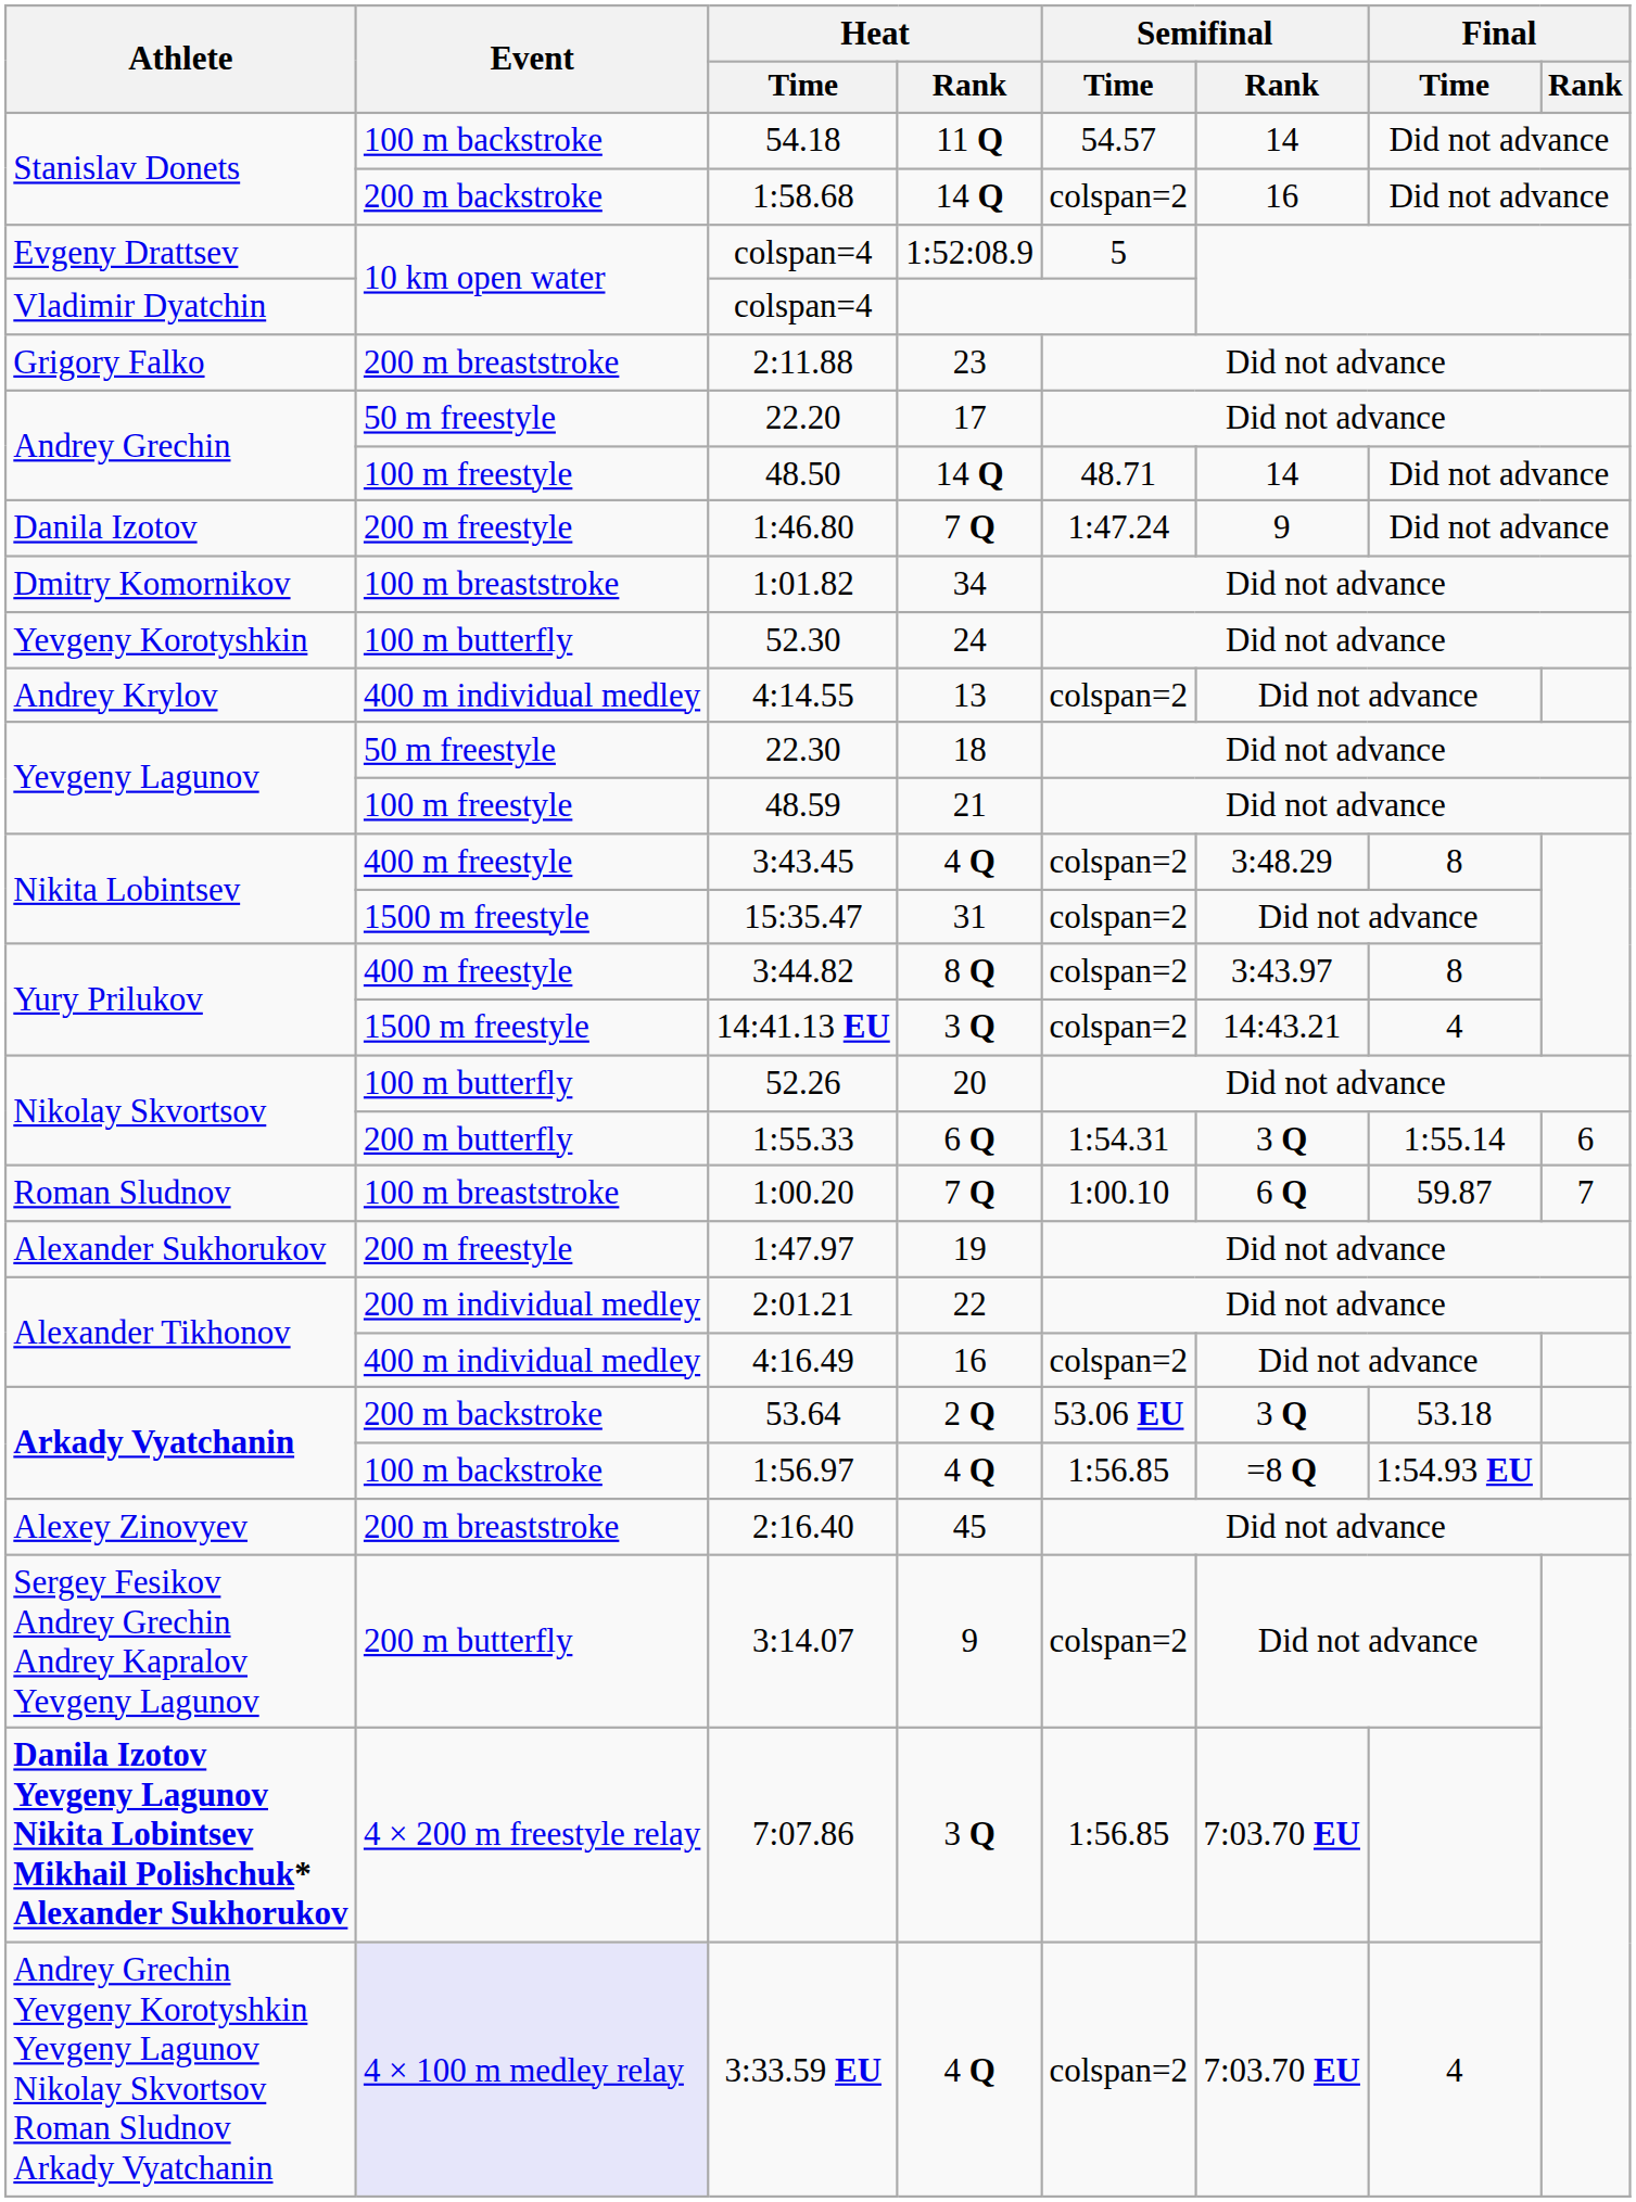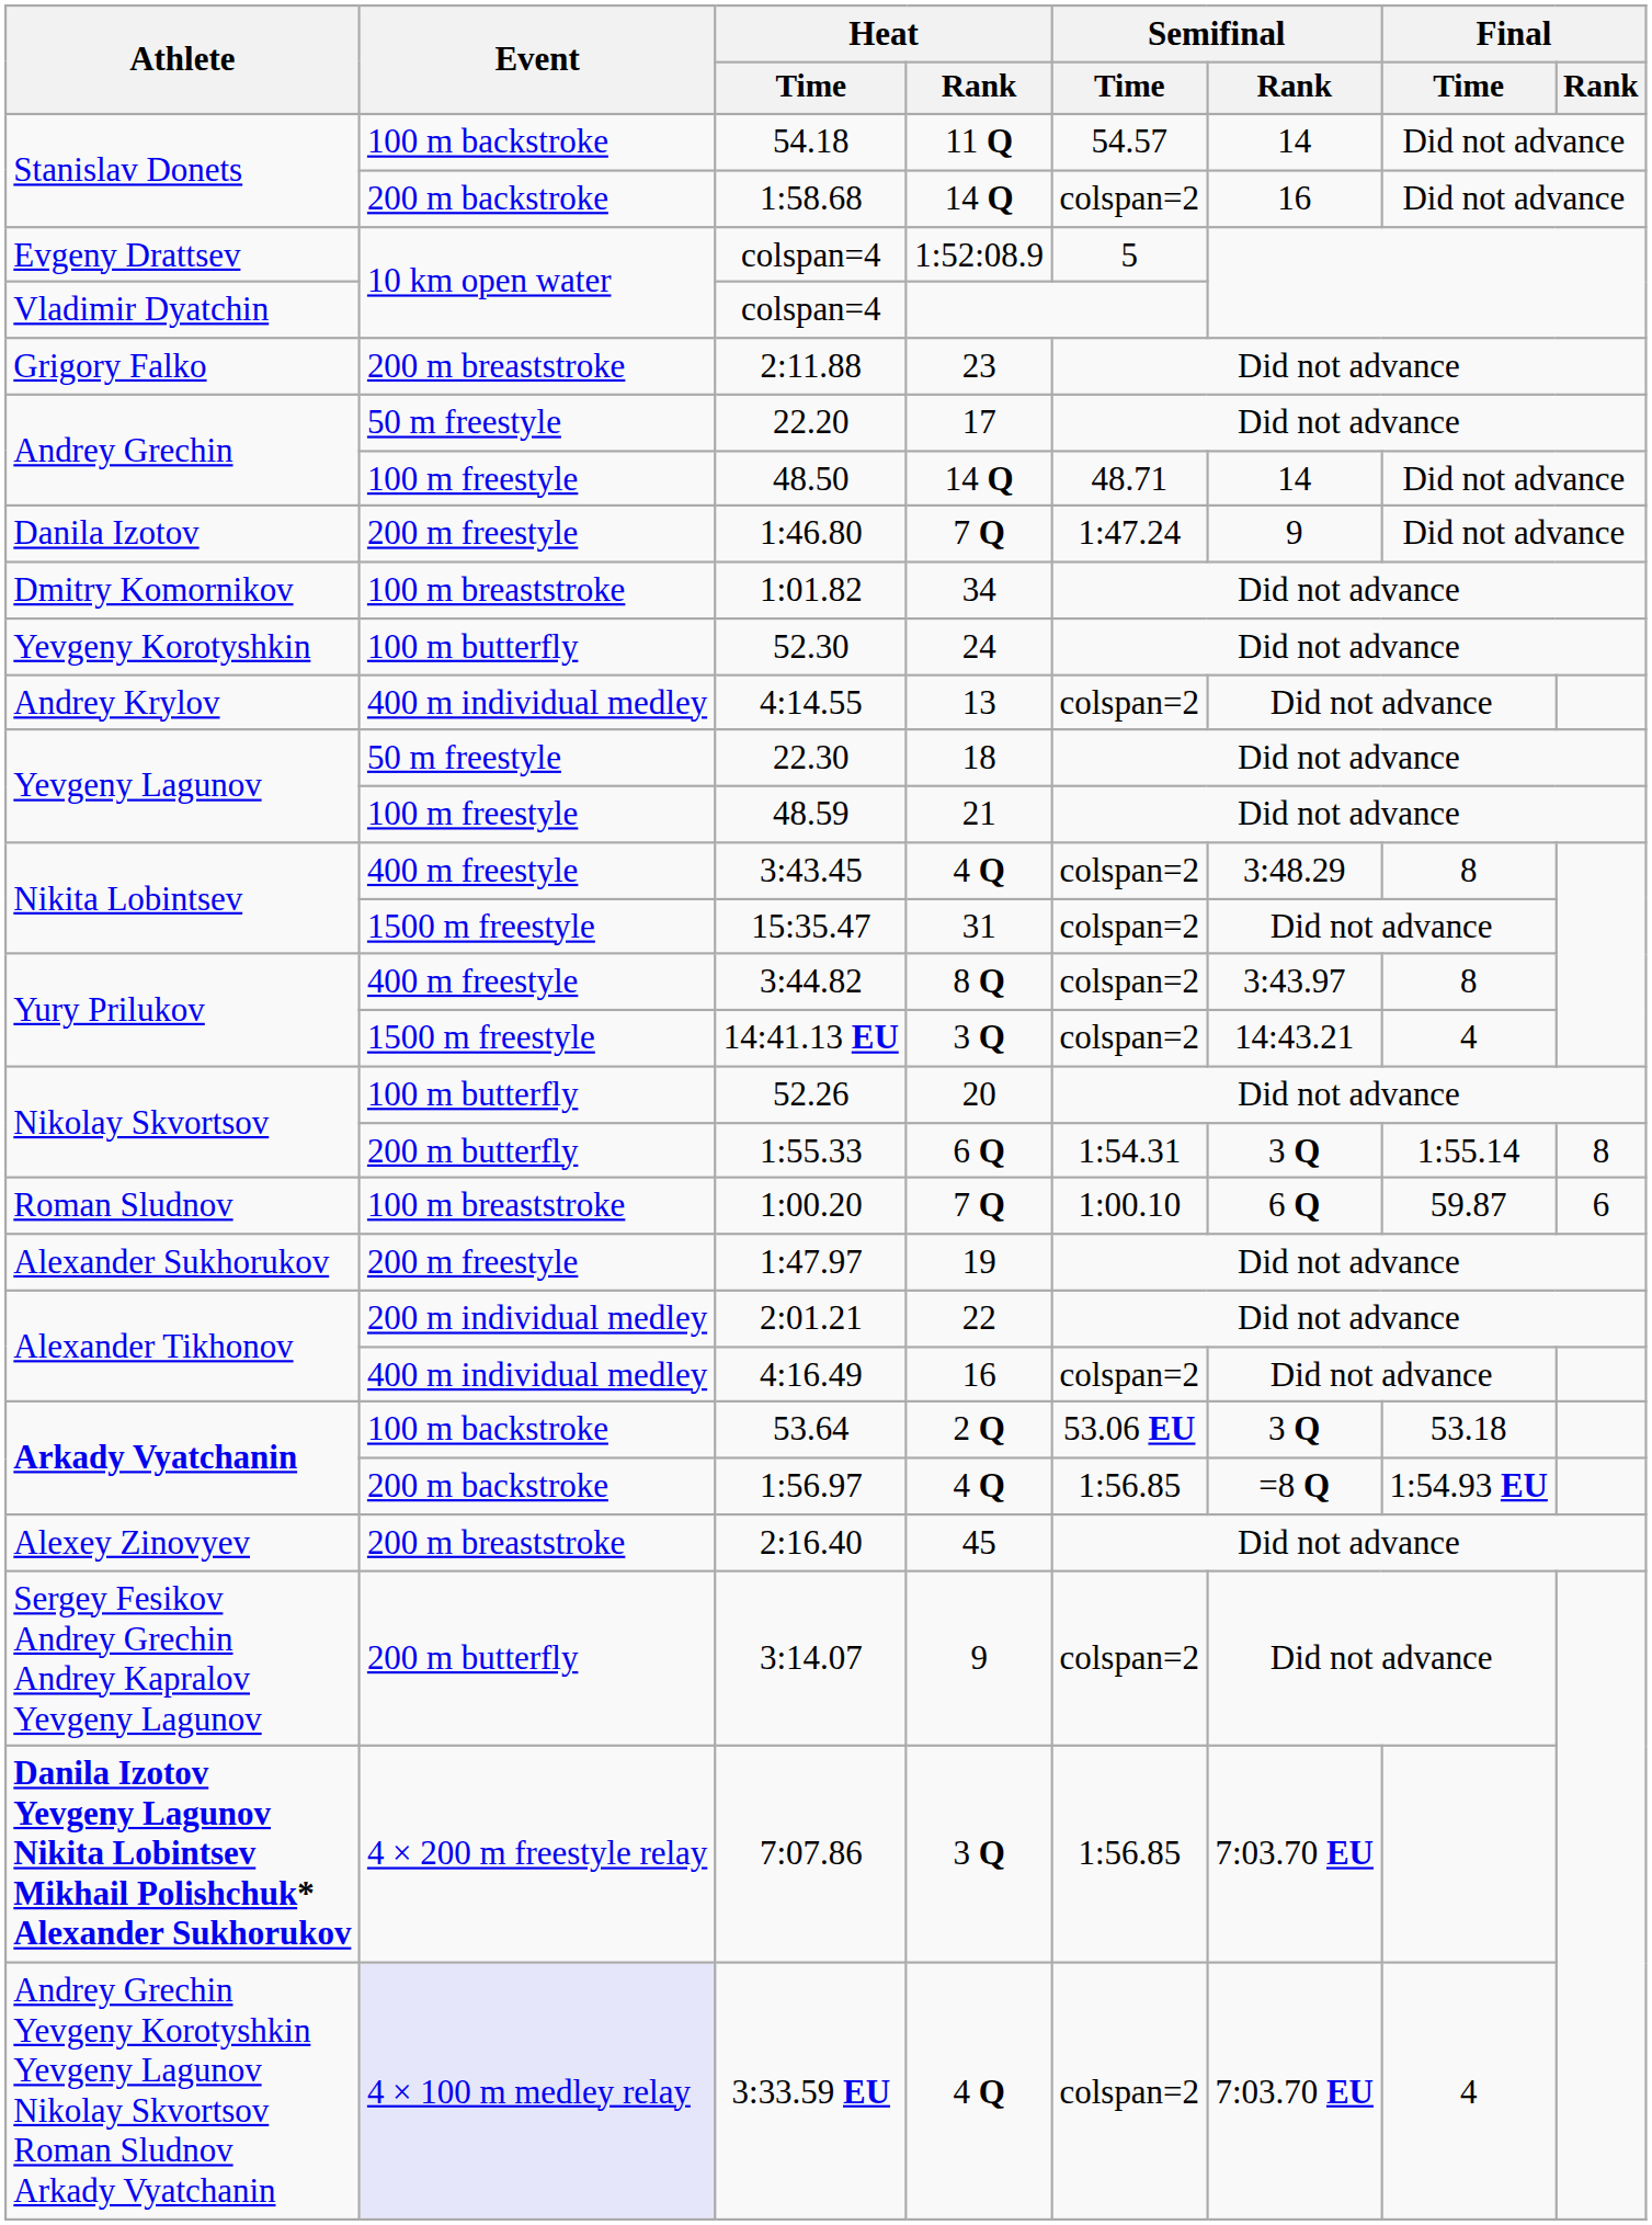 <table class=wikitable style="font-size:90%">
 <tr>
 <th rowspan="2">Athlete</th>
 <th rowspan="2">Event</th>
 <th colspan="2">Heat</th>
 <th colspan="2">Semifinal</th>
 <th colspan="2">Final</th>
 </tr>
 <tr style="font-size:95%">
 <th>Time</th>
 <th>Rank</th>
 <th>Time</th>
 <th>Rank</th>
 <th>Time</th>
 <th>Rank</th>
 </tr>
 <tr align=center>
 <td align=left rowspan=2><a href='#'>Stanislav Donets</a></td>
 <td align=left><a href='#'>100 m backstroke</a></td>
 <td>54.18</td>
 <td>11 <strong>Q</strong></td>
 <td>54.57</td>
 <td>14</td>
 <td colspan=2>Did not advance</td>
 </tr>
 <tr align=center>
 <td align=left><a href='#'>200 m backstroke</a></td>
 <td>1:58.68</td>
 <td>14 <strong>Q</strong></td>
 <td>colspan=2 </td>
 <td>16</td>
 <td colspan=2>Did not advance</td>
 </tr>
 <tr align=center>
 <td align=left><a href='#'>Evgeny Drattsev</a></td>
 <td align=left rowspan=2><a href='#'>10 km open water</a></td>
 <td>colspan=4 </td>
 <td>1:52:08.9</td>
 <td>5</td>
 </tr>
 <tr align=center>
 <td align=left><a href='#'>Vladimir Dyatchin</a></td>
 <td>colspan=4 </td>
 <td colspan=2></td>
 </tr>
 <tr align=center>
 <td align=left><a href='#'>Grigory Falko</a></td>
 <td align=left><a href='#'>200 m breaststroke</a></td>
 <td>2:11.88</td>
 <td>23</td>
 <td colspan=4>Did not advance</td>
 </tr>
 <tr align=center>
 <td align=left rowspan=2><a href='#'>Andrey Grechin</a></td>
 <td align=left><a href='#'>50 m freestyle</a></td>
 <td>22.20</td>
 <td>17</td>
 <td colspan=4>Did not advance</td>
 </tr>
 <tr align=center>
 <td align=left><a href='#'>100 m freestyle</a></td>
 <td>48.50</td>
 <td>14 <strong>Q</strong></td>
 <td>48.71</td>
 <td>14</td>
 <td colspan=2>Did not advance</td>
 </tr>
 <tr align=center>
 <td align=left><a href='#'>Danila Izotov</a></td>
 <td align=left><a href='#'>200 m freestyle</a></td>
 <td>1:46.80</td>
 <td>7 <strong>Q</strong></td>
 <td>1:47.24</td>
 <td>9</td>
 <td colspan=2>Did not advance</td>
 </tr>
 <tr align=center>
 <td align=left><a href='#'>Dmitry Komornikov</a></td>
 <td align=left><a href='#'>100 m breaststroke</a></td>
 <td>1:01.82</td>
 <td>34</td>
 <td colspan=4>Did not advance</td>
 </tr>
 <tr align=center>
 <td align=left><a href='#'>Yevgeny Korotyshkin</a></td>
 <td align=left><a href='#'>100 m butterfly</a></td>
 <td>52.30</td>
 <td>24</td>
 <td colspan=4>Did not advance</td>
 </tr>
 <tr align=center>
 <td align=left><a href='#'>Andrey Krylov</a></td>
 <td align=left><a href='#'>400 m individual medley</a></td>
 <td>4:14.55</td>
 <td>13</td>
 <td>colspan=2 </td>
 <td colspan=2>Did not advance</td>
 </tr>
 <tr align=center>
 <td align=left rowspan=2><a href='#'>Yevgeny Lagunov</a></td>
 <td align=left><a href='#'>50 m freestyle</a></td>
 <td>22.30</td>
 <td>18</td>
 <td colspan=4>Did not advance</td>
 </tr>
 <tr align=center>
 <td align=left><a href='#'>100 m freestyle</a></td>
 <td>48.59</td>
 <td>21</td>
 <td colspan=4>Did not advance</td>
 </tr>
 <tr align=center>
 <td align=left rowspan=2><a href='#'>Nikita Lobintsev</a></td>
 <td align=left><a href='#'>400 m freestyle</a></td>
 <td>3:43.45</td>
 <td>4 <strong>Q</strong></td>
 <td>colspan=2 </td>
 <td>3:48.29</td>
 <td>8</td>
 </tr>
 <tr align=center>
 <td align=left><a href='#'>1500 m freestyle</a></td>
 <td>15:35.47</td>
 <td>31</td>
 <td>colspan=2 </td>
 <td colspan=2>Did not advance</td>
 </tr>
 <tr align=center>
 <td align=left rowspan=2><a href='#'>Yury Prilukov</a></td>
 <td align=left><a href='#'>400 m freestyle</a></td>
 <td>3:44.82</td>
 <td>8 <strong>Q</strong></td>
 <td>colspan=2 </td>
 <td>3:43.97</td>
 <td>8</td>
 </tr>
 <tr align=center>
 <td align=left><a href='#'>1500 m freestyle</a></td>
 <td>14:41.13 <strong><a href='#'>EU</a></strong></td>
 <td>3 <strong>Q</strong></td>
 <td>colspan=2 </td>
 <td>14:43.21</td>
 <td>4</td>
 </tr>
 <tr align=center>
 <td align=left rowspan=2><a href='#'>Nikolay Skvortsov</a></td>
 <td align=left><a href='#'>100 m butterfly</a></td>
 <td>52.26</td>
 <td>20</td>
 <td colspan=4>Did not advance</td>
 </tr>
 <tr align=center>
 <td align=left><a href='#'>200 m butterfly</a></td>
 <td>1:55.33</td>
 <td>6 <strong>Q</strong></td>
 <td>1:54.31</td>
 <td>3 <strong>Q</strong></td>
 <td>1:55.14</td>
-<td>6</td>
+<td>8</td>
 </tr>
 <tr align=center>
 <td align=left><a href='#'>Roman Sludnov</a></td>
 <td align=left><a href='#'>100 m breaststroke</a></td>
 <td>1:00.20</td>
 <td>7 <strong>Q</strong></td>
 <td>1:00.10</td>
 <td>6 <strong>Q</strong></td>
 <td>59.87</td>
-<td>7</td>
+<td>6</td>
 </tr>
 <tr align=center>
 <td align=left><a href='#'>Alexander Sukhorukov</a></td>
 <td align=left><a href='#'>200 m freestyle</a></td>
 <td>1:47.97</td>
 <td>19</td>
 <td colspan=4>Did not advance</td>
 </tr>
 <tr align=center>
 <td align=left rowspan=2><a href='#'>Alexander Tikhonov</a></td>
 <td align=left><a href='#'>200 m individual medley</a></td>
 <td>2:01.21</td>
 <td>22</td>
 <td colspan=4>Did not advance</td>
 </tr>
 <tr align=center>
 <td align=left><a href='#'>400 m individual medley</a></td>
 <td>4:16.49</td>
 <td>16</td>
 <td>colspan=2 </td>
 <td colspan=2>Did not advance</td>
 </tr>
 <tr align=center>
 <td align=left rowspan=2><strong><a href='#'>Arkady Vyatchanin</a></strong></td>
-<td align=left><a href='#'>200 m backstroke</a></td>
+<td align=left><a href='#'>100 m backstroke</a></td>
 <td>53.64</td>
 <td>2 <strong>Q</strong></td>
 <td>53.06 <strong><a href='#'>EU</a></strong></td>
 <td>3 <strong>Q</strong></td>
 <td>53.18</td>
 <td></td>
 </tr>
 <tr align=center>
-<td align=left><a href='#'>100 m backstroke</a></td>
+<td align=left><a href='#'>200 m backstroke</a></td>
 <td>1:56.97</td>
 <td>4 <strong>Q</strong></td>
 <td>1:56.85</td>
 <td>=8 <strong>Q</strong></td>
 <td>1:54.93 <strong><a href='#'>EU</a></strong></td>
 <td></td>
 </tr>
 <tr align=center>
 <td align=left><a href='#'>Alexey Zinovyev</a></td>
 <td align=left><a href='#'>200 m breaststroke</a></td>
 <td>2:16.40</td>
 <td>45</td>
 <td colspan=4>Did not advance</td>
 </tr>
 <tr align=center>
 <td align=left><a href='#'>Sergey Fesikov</a><br><a href='#'>Andrey Grechin</a><br><a href='#'>Andrey Kapralov</a><br><a href='#'>Yevgeny Lagunov</a></td>
 <td align=left><a href='#'>200 m butterfly</a></td>
 <td>3:14.07</td>
 <td>9</td>
 <td>colspan=2 </td>
 <td colspan=2>Did not advance</td>
 </tr>
 <tr align=center>
 <td align=left><strong><a href='#'>Danila Izotov</a><br><a href='#'>Yevgeny Lagunov</a><br><a href='#'>Nikita Lobintsev</a><br><a href='#'>Mikhail Polishchuk</a>*<br><a href='#'>Alexander Sukhorukov</a></strong></td>
 <td align=left><a href='#'>4 × 200 m freestyle relay</a></td>
 <td>7:07.86</td>
 <td>3 <strong>Q</strong></td>
 <td>1:56.85</td>
 <td>7:03.70 <strong><a href='#'>EU</a></strong></td>
 <td></td>
 </tr>
 <tr align=center>
 <td align=left><a href='#'>Andrey Grechin</a><br><a href='#'>Yevgeny Korotyshkin</a><br><a href='#'>Yevgeny Lagunov</a><br><a href='#'>Nikolay Skvortsov</a><br><a href='#'>Roman Sludnov</a><br><a href='#'>Arkady Vyatchanin</a></td>
 <td align=left style="background: lavender;"><a href='#'>4 × 100 m medley relay</a></td>
 <td>3:33.59 <strong><a href='#'>EU</a></strong></td>
 <td>4 <strong>Q</strong></td>
 <td>colspan=2 </td>
 <td>7:03.70 <strong><a href='#'>EU</a></strong></td>
 <td>4</td>
 </tr>
 </table>
